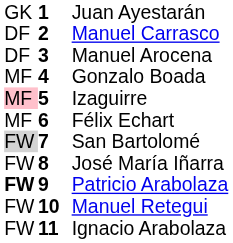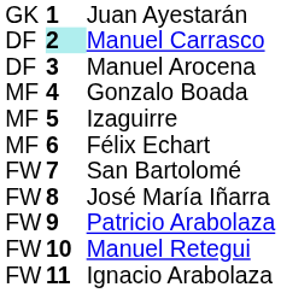 <table style="font-size:90%; margin:0.2em auto;" cellspacing="0" cellpadding="0">
 <tr>
 <th width="25"></th>
 <th width="25"></th>
 </tr>
 <tr>
 <td>GK</td>
 <td><strong>1</strong></td>
 <td> Juan Ayestarán</td>
 </tr>
 <tr>
 <td>DF</td>
-<td><strong>2</strong></td>
+<td style="background: paleturquoise;"><strong>2</strong></td>
 <td> <a href='#'>Manuel Carrasco</a></td>
 </tr>
 <tr>
 <td>DF</td>
 <td><strong>3</strong></td>
 <td> Manuel Arocena</td>
 </tr>
 <tr>
 <td>MF</td>
 <td><strong>4</strong></td>
 <td> Gonzalo Boada</td>
 </tr>
 <tr>
-<td style="background: pink;">MF</td>
+<td>MF</td>
 <td><strong>5</strong></td>
 <td> Izaguirre</td>
 </tr>
 <tr>
 <td>MF</td>
 <td><strong>6</strong></td>
 <td> Félix Echart</td>
 </tr>
 <tr>
-<td style="background: lightgrey;">FW</td>
+<td>FW</td>
 <td><strong>7</strong></td>
 <td> San Bartolomé</td>
 </tr>
 <tr>
 <td>FW</td>
 <td><strong>8</strong></td>
 <td> José María Iñarra</td>
 </tr>
 <tr>
-<td><strong>FW</strong></td>
+<td>FW</td>
 <td><strong>9</strong></td>
 <td> <a href='#'>Patricio Arabolaza</a></td>
 </tr>
 <tr>
 <td>FW</td>
 <td><strong>10</strong></td>
 <td> <a href='#'>Manuel Retegui</a></td>
 </tr>
 <tr>
 <td>FW</td>
 <td><strong>11</strong></td>
 <td> Ignacio Arabolaza</td>
 </tr>
 <tr>
 </tr>
 </table>
